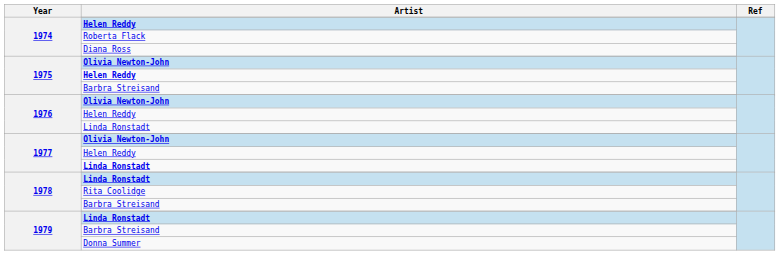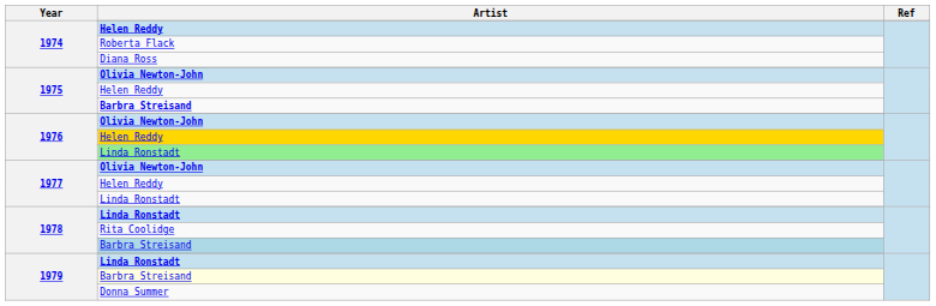 <table class="wikitable" width="100%">
 <tr>
 <th width="10%">Year</th>
 <th width="85%">Artist</th>
 <th width="5%">Ref</th>
 </tr>
 <tr>
 <th rowspan="4" align="center"><a href='#'>1974<br></a></th>
 </tr>
 <tr style="background:#c5e1f0">
 <td><strong><a href='#'>Helen Reddy</a></strong></td>
 <td rowspan="4" align="center"></td>
 </tr>
 <tr>
 <td><a href='#'>Roberta Flack</a></td>
 </tr>
 <tr>
 <td><a href='#'>Diana Ross</a></td>
 </tr>
 <tr>
 <th rowspan="4" align="center"><a href='#'>1975<br></a></th>
 </tr>
 <tr style="background:#c5e1f0">
 <td><strong><a href='#'>Olivia Newton-John</a></strong></td>
 <td rowspan="4" align="center"></td>
 </tr>
 <tr>
-<td><strong><a href='#'>Helen Reddy</a></strong></td>
+<td><a href='#'>Helen Reddy</a></td>
 </tr>
 <tr>
-<td><a href='#'>Barbra Streisand</a></td>
+<td><strong><a href='#'>Barbra Streisand</a></strong></td>
 </tr>
 <tr>
 <th rowspan="4" align="center"><a href='#'>1976<br></a></th>
+</tr>
+<tr style="background:#c5e1f0">
+<td><strong><a href='#'>Olivia Newton-John</a></strong></td>
+<td rowspan="4" align="center"></td>
+</tr>
+<tr>
+<td style="background: gold;"><a href='#'>Helen Reddy</a></td>
+</tr>
+<tr>
+<td style="background: lightgreen;"><a href='#'>Linda Ronstadt</a></td>
+</tr>
+<tr>
+<th rowspan="4" align="center"><a href='#'>1977<br></a></th>
 </tr>
 <tr style="background:#c5e1f0">
 <td><strong><a href='#'>Olivia Newton-John</a></strong></td>
 <td rowspan="4" align="center"></td>
 </tr>
 <tr>
 <td><a href='#'>Helen Reddy</a></td>
 </tr>
 <tr>
 <td><a href='#'>Linda Ronstadt</a></td>
 </tr>
 <tr>
-<th rowspan="4" align="center"><a href='#'>1977<br></a></th>
-</tr>
-<tr style="background:#c5e1f0">
-<td><strong><a href='#'>Olivia Newton-John</a></strong></td>
-<td rowspan="4" align="center"></td>
-</tr>
-<tr>
-<td><a href='#'>Helen Reddy</a></td>
-</tr>
-<tr>
-<td><strong><a href='#'>Linda Ronstadt</a></strong></td>
-</tr>
-<tr>
 <th rowspan="4" align="center"><a href='#'>1978<br></a></th>
 </tr>
 <tr style="background:#c5e1f0">
 <td><strong><a href='#'>Linda Ronstadt</a></strong></td>
 <td rowspan="4" align="center"></td>
 </tr>
 <tr>
 <td><a href='#'>Rita Coolidge</a></td>
 </tr>
 <tr>
-<td><a href='#'>Barbra Streisand</a></td>
+<td style="background: lightblue;"><a href='#'>Barbra Streisand</a></td>
 </tr>
 <tr>
 <th rowspan="4" align="center"><a href='#'>1979<br></a></th>
 </tr>
 <tr style="background:#c5e1f0">
 <td><strong><a href='#'>Linda Ronstadt</a></strong></td>
 <td rowspan="4" align="center"></td>
 </tr>
 <tr>
-<td><a href='#'>Barbra Streisand</a></td>
+<td style="background: lightyellow;"><a href='#'>Barbra Streisand</a></td>
 </tr>
 <tr>
 <td><a href='#'>Donna Summer</a></td>
 </tr>
 </table>
